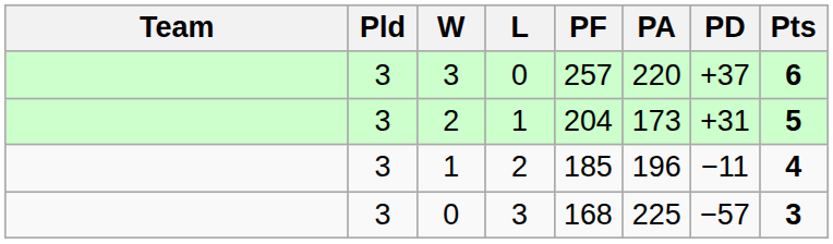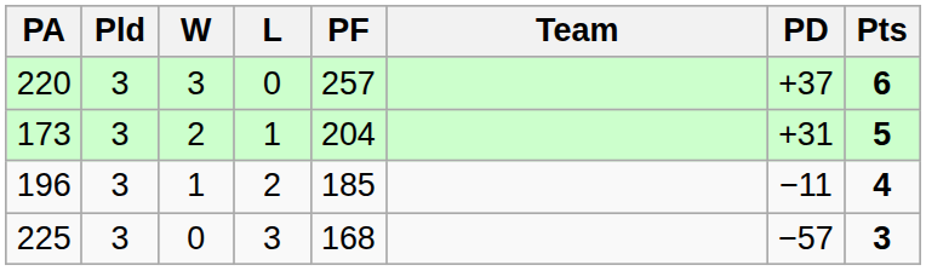 <table class=wikitable style="text-align:center">
 <tr>
-<th width=180>Team</th>
+<th width=30>PA</th>
 <th width=30>Pld</th>
 <th width=30>W</th>
 <th width=30>L</th>
 <th width=30>PF</th>
-<th width=30>PA</th>
+<th width=180>Team</th>
 <th width=30>PD</th>
 <th width=30>Pts</th>
 </tr>
 <tr align=center bgcolor="#ccffcc">
-<td align=left></td>
+<td>220</td>
 <td>3</td>
 <td>3</td>
 <td>0</td>
 <td>257</td>
-<td>220</td>
+<td align=left></td>
 <td>+37</td>
 <td><strong>6</strong></td>
 </tr>
 <tr align=center bgcolor="#ccffcc">
-<td align=left></td>
+<td>173</td>
 <td>3</td>
 <td>2</td>
 <td>1</td>
 <td>204</td>
-<td>173</td>
+<td align=left></td>
 <td>+31</td>
 <td><strong>5</strong></td>
 </tr>
 <tr align=center>
-<td align=left></td>
+<td>196</td>
 <td>3</td>
 <td>1</td>
 <td>2</td>
 <td>185</td>
-<td>196</td>
+<td align=left></td>
 <td>−11</td>
 <td><strong>4</strong></td>
 </tr>
 <tr align=center>
-<td align=left></td>
+<td>225</td>
 <td>3</td>
 <td>0</td>
 <td>3</td>
 <td>168</td>
-<td>225</td>
+<td align=left></td>
 <td>−57</td>
 <td><strong>3</strong></td>
 </tr>
 </table>
